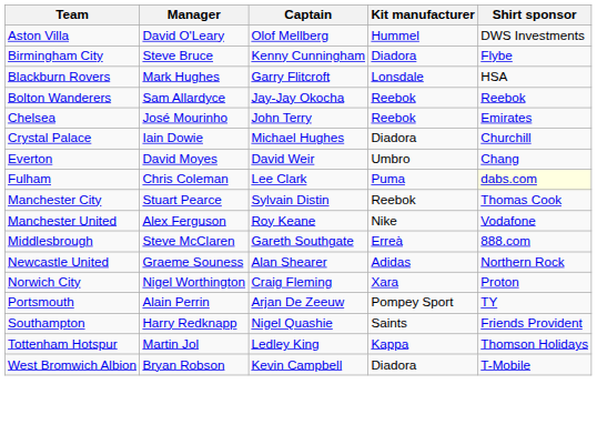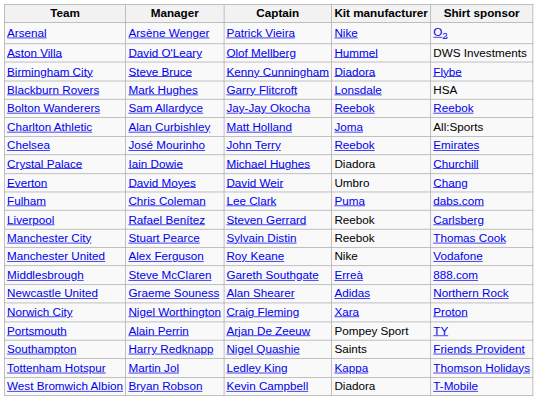 <table class="wikitable sortable" style="text-align: left;">
 <tr>
 <th>Team</th>
 <th>Manager</th>
 <th>Captain</th>
 <th>Kit manufacturer</th>
 <th>Shirt sponsor</th>
+</tr>
+<tr>
+<td><a href='#'>Arsenal</a></td>
+<td> <a href='#'>Arsène Wenger</a></td>
+<td> <a href='#'>Patrick Vieira</a></td>
+<td><a href='#'>Nike</a></td>
+<td><a href='#'>O<sub>2</sub></a></td>
 </tr>
 <tr>
 <td><a href='#'>Aston Villa</a></td>
 <td> <a href='#'>David O'Leary</a></td>
 <td> <a href='#'>Olof Mellberg</a></td>
 <td><a href='#'>Hummel</a></td>
 <td>DWS Investments</td>
 </tr>
 <tr>
 <td><a href='#'>Birmingham City</a></td>
 <td> <a href='#'>Steve Bruce</a></td>
 <td> <a href='#'>Kenny Cunningham</a></td>
 <td><a href='#'>Diadora</a></td>
 <td><a href='#'>Flybe</a></td>
 </tr>
 <tr>
 <td><a href='#'>Blackburn Rovers</a></td>
 <td> <a href='#'>Mark Hughes</a></td>
 <td> <a href='#'>Garry Flitcroft</a></td>
 <td><a href='#'>Lonsdale</a></td>
 <td>HSA</td>
 </tr>
 <tr>
 <td><a href='#'>Bolton Wanderers</a></td>
 <td> <a href='#'>Sam Allardyce</a></td>
 <td> <a href='#'>Jay-Jay Okocha</a></td>
 <td><a href='#'>Reebok</a></td>
 <td><a href='#'>Reebok</a></td>
 </tr>
 <tr>
+<td><a href='#'>Charlton Athletic</a></td>
+<td> <a href='#'>Alan Curbishley</a></td>
+<td> <a href='#'>Matt Holland</a></td>
+<td><a href='#'>Joma</a></td>
+<td>All:Sports</td>
+</tr>
+<tr>
 <td><a href='#'>Chelsea</a></td>
 <td> <a href='#'>José Mourinho</a></td>
 <td> <a href='#'>John Terry</a></td>
 <td><a href='#'>Reebok</a></td>
 <td><a href='#'>Emirates</a></td>
 </tr>
 <tr>
 <td><a href='#'>Crystal Palace</a></td>
 <td> <a href='#'>Iain Dowie</a></td>
 <td> <a href='#'>Michael Hughes</a></td>
 <td>Diadora</td>
 <td><a href='#'>Churchill</a></td>
 </tr>
 <tr>
 <td><a href='#'>Everton</a></td>
 <td> <a href='#'>David Moyes</a></td>
 <td> <a href='#'>David Weir</a></td>
 <td>Umbro</td>
 <td><a href='#'>Chang</a></td>
 </tr>
 <tr>
 <td><a href='#'>Fulham</a></td>
 <td> <a href='#'>Chris Coleman</a></td>
 <td> <a href='#'>Lee Clark</a></td>
 <td><a href='#'>Puma</a></td>
-<td style="background: lightyellow;"><a href='#'>dabs.com</a></td>
+<td><a href='#'>dabs.com</a></td>
+</tr>
+<tr>
+<td><a href='#'>Liverpool</a></td>
+<td> <a href='#'>Rafael Benítez</a></td>
+<td> <a href='#'>Steven Gerrard</a></td>
+<td>Reebok</td>
+<td><a href='#'>Carlsberg</a></td>
 </tr>
 <tr>
 <td><a href='#'>Manchester City</a></td>
 <td> <a href='#'>Stuart Pearce</a></td>
 <td> <a href='#'>Sylvain Distin</a></td>
 <td>Reebok</td>
 <td><a href='#'>Thomas Cook</a></td>
 </tr>
 <tr>
 <td><a href='#'>Manchester United</a></td>
 <td> <a href='#'>Alex Ferguson</a></td>
 <td> <a href='#'>Roy Keane</a></td>
 <td>Nike</td>
 <td><a href='#'>Vodafone</a></td>
 </tr>
 <tr>
 <td><a href='#'>Middlesbrough</a></td>
 <td> <a href='#'>Steve McClaren</a></td>
 <td> <a href='#'>Gareth Southgate</a></td>
 <td><a href='#'>Erreà</a></td>
 <td><a href='#'>888.com</a></td>
 </tr>
 <tr>
 <td><a href='#'>Newcastle United</a></td>
 <td> <a href='#'>Graeme Souness</a></td>
 <td> <a href='#'>Alan Shearer</a></td>
 <td><a href='#'>Adidas</a></td>
 <td><a href='#'>Northern Rock</a></td>
 </tr>
 <tr>
 <td><a href='#'>Norwich City</a></td>
 <td> <a href='#'>Nigel Worthington</a></td>
 <td> <a href='#'>Craig Fleming</a></td>
 <td><a href='#'>Xara</a></td>
 <td><a href='#'>Proton</a></td>
 </tr>
 <tr>
 <td><a href='#'>Portsmouth</a></td>
 <td> <a href='#'>Alain Perrin</a></td>
 <td> <a href='#'>Arjan De Zeeuw</a></td>
 <td>Pompey Sport</td>
 <td><a href='#'>TY</a></td>
 </tr>
 <tr>
 <td><a href='#'>Southampton</a></td>
 <td> <a href='#'>Harry Redknapp</a></td>
 <td> <a href='#'>Nigel Quashie</a></td>
 <td>Saints</td>
 <td><a href='#'>Friends Provident</a></td>
 </tr>
 <tr>
 <td><a href='#'>Tottenham Hotspur</a></td>
 <td> <a href='#'>Martin Jol</a></td>
 <td> <a href='#'>Ledley King</a></td>
 <td><a href='#'>Kappa</a></td>
 <td><a href='#'>Thomson Holidays</a></td>
 </tr>
 <tr>
 <td><a href='#'>West Bromwich Albion</a></td>
 <td> <a href='#'>Bryan Robson</a></td>
 <td> <a href='#'>Kevin Campbell</a></td>
 <td>Diadora</td>
 <td><a href='#'>T-Mobile</a></td>
 </tr>
 </table>
